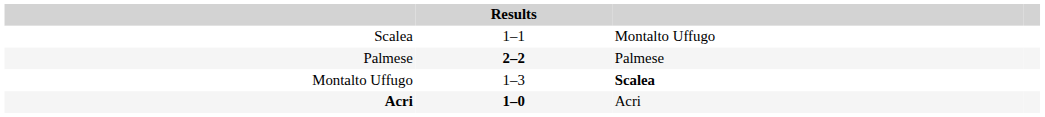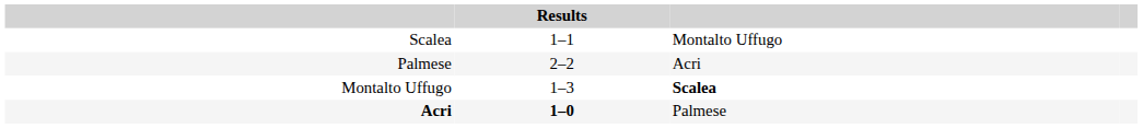 <table align=center style="font-size: 85%; border-collapse:collapse" border=0 cellspacing=0 cellpadding=2 width=60%>
 <tr bgcolor="D3D3D3">
 <th align=right></th>
 <th align=center>Results</th>
 <th align=left></th>
 <th align=center></th>
 </tr>
 <tr bgcolor=#FFFFFF>
 <td align=right>Scalea</td>
 <td align=center>1–1</td>
 <td>Montalto Uffugo</td>
 <td align=center></td>
 </tr>
 <tr bgcolor=#F5F5F5>
 <td align=right>Palmese</td>
-<td align=center><strong>2–2</strong></td>
-<td>Palmese</td>
+<td align=center>2–2</td>
+<td>Acri</td>
 <td align=center></td>
 </tr>
 <tr bgcolor=#FFFFFF>
 <td align=right>Montalto Uffugo</td>
 <td align=center>1–3</td>
 <td><strong>Scalea</strong></td>
 <td align=center></td>
 </tr>
 <tr bgcolor=#F5F5F5>
 <td align=right><strong>Acri</strong></td>
 <td align=center><strong>1–0</strong></td>
-<td>Acri</td>
+<td>Palmese</td>
 <td align=center></td>
 </tr>
 </table>
